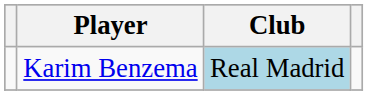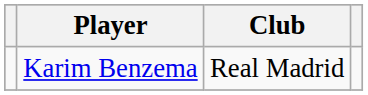 <table class="wikitable" style="text-align:center">
 <tr>
 <th></th>
 <th>Player</th>
 <th>Club</th>
 <th></th>
 </tr>
 <tr>
 <td></td>
 <td align="left"> <a href='#'>Karim Benzema</a></td>
-<td align="left" style="background: lightblue;">Real Madrid</td>
+<td align="left">Real Madrid</td>
 <td rowspan="15"></td>
 </tr>
 </table>
